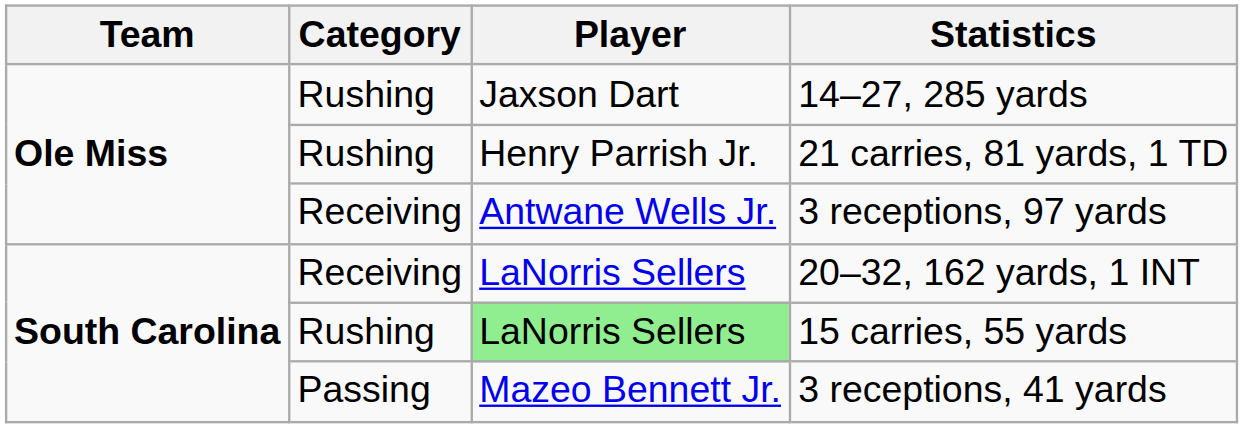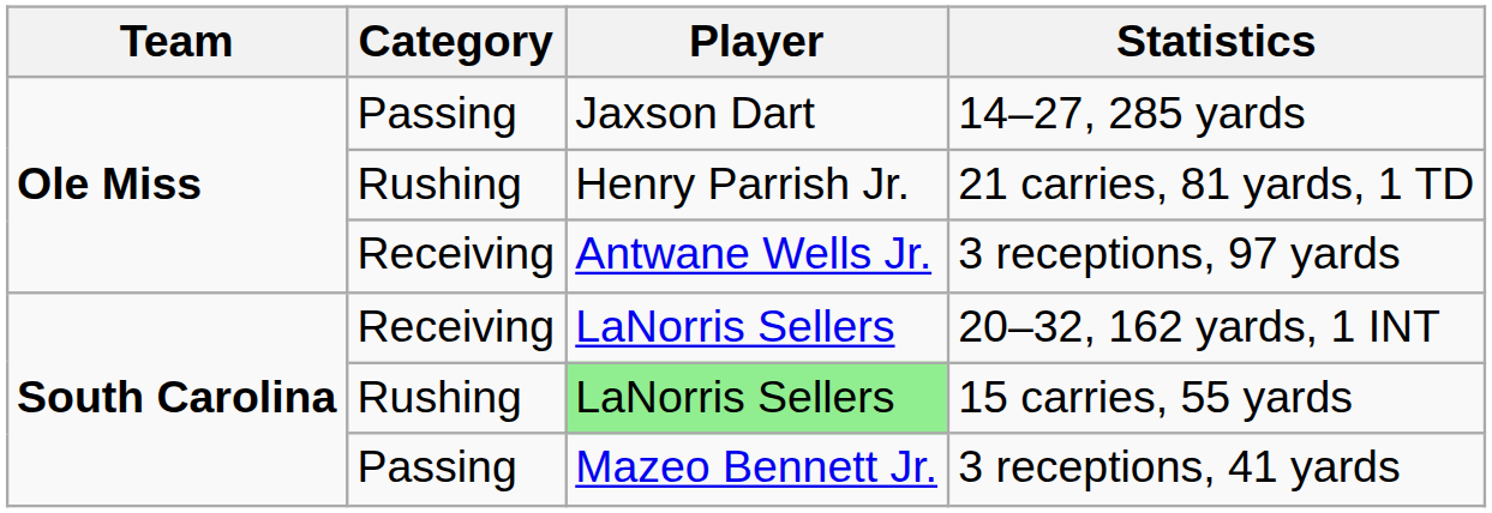 <table class="wikitable" style="float: right;">
 <tr>
 <th>Team</th>
 <th>Category</th>
 <th>Player</th>
 <th>Statistics</th>
 </tr>
 <tr>
 <td rowspan=3><strong>Ole Miss</strong></td>
-<td>Rushing</td>
+<td>Passing</td>
 <td>Jaxson Dart</td>
 <td>14–27, 285 yards</td>
 </tr>
 <tr>
 <td>Rushing</td>
 <td>Henry Parrish Jr.</td>
 <td>21 carries, 81 yards, 1 TD</td>
 </tr>
 <tr>
 <td>Receiving</td>
 <td><a href='#'>Antwane Wells Jr.</a></td>
 <td>3 receptions, 97 yards</td>
 </tr>
 <tr>
 <td rowspan=3><strong>South Carolina</strong></td>
 <td>Receiving</td>
 <td><a href='#'>LaNorris Sellers</a></td>
 <td>20–32, 162 yards, 1 INT</td>
 </tr>
 <tr>
 <td>Rushing</td>
 <td style="background: lightgreen;">LaNorris Sellers</td>
 <td>15 carries, 55 yards</td>
 </tr>
 <tr>
 <td>Passing</td>
 <td><a href='#'>Mazeo Bennett Jr.</a></td>
 <td>3 receptions, 41 yards</td>
 </tr>
 </table>
